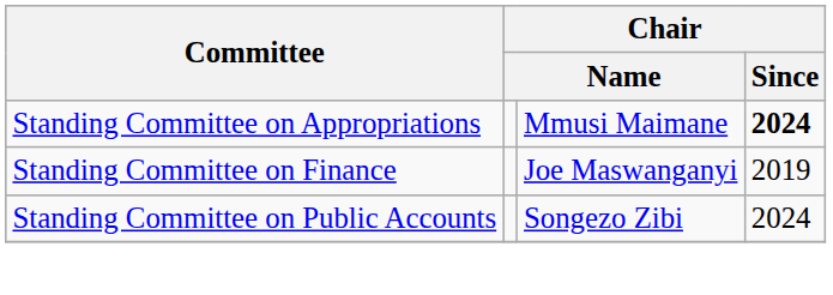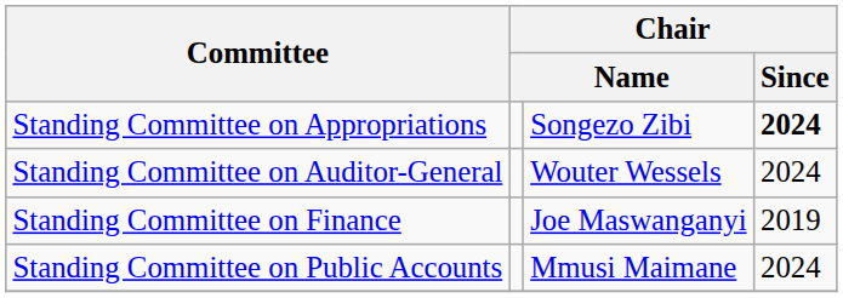 <table class="wikitable">
 <tr>
 <th rowspan="2">Committee</th>
 <th colspan="3">Chair</th>
 </tr>
 <tr>
 <th colspan="2">Name</th>
 <th>Since</th>
 </tr>
 <tr>
 <td><a href='#'>Standing Committee on Appropriations</a></td>
 <td style="background-color: "></td>
-<td><a href='#'>Mmusi Maimane</a></td>
+<td><a href='#'>Songezo Zibi</a></td>
 <td><strong>2024</strong></td>
+</tr>
+<tr>
+<td><a href='#'>Standing Committee on Auditor-General</a></td>
+<td style="background-color: "></td>
+<td><a href='#'>Wouter Wessels</a></td>
+<td>2024</td>
 </tr>
 <tr>
 <td><a href='#'>Standing Committee on Finance</a></td>
 <td style="background-color: "></td>
 <td><a href='#'>Joe Maswanganyi</a></td>
 <td>2019</td>
 </tr>
 <tr>
 <td><a href='#'>Standing Committee on Public Accounts</a></td>
 <td style="background-color: "></td>
-<td><a href='#'>Songezo Zibi</a></td>
+<td><a href='#'>Mmusi Maimane</a></td>
 <td>2024</td>
 </tr>
 <tr>
 </tr>
 </table>
